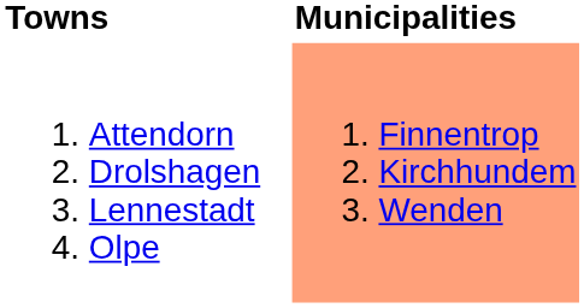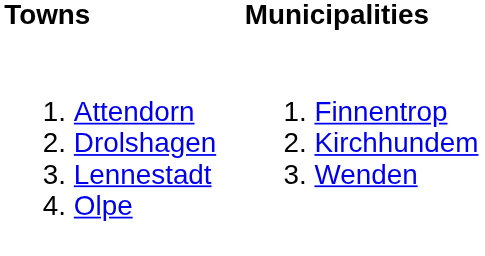 <table>
 <tr>
 <th align=left width=50%>Towns</th>
 <th align=left width=50%>Municipalities</th>
 </tr>
 <tr valign=top>
 <td><br><ol><li><a href='#'>Attendorn</a></li><li><a href='#'>Drolshagen</a></li><li><a href='#'>Lennestadt</a></li><li><a href='#'>Olpe</a></li></ol></td>
-<td style="background: lightsalmon;"><br><ol><li><a href='#'>Finnentrop</a></li><li><a href='#'>Kirchhundem</a></li><li><a href='#'>Wenden</a></li></ol></td>
+<td><br><ol><li><a href='#'>Finnentrop</a></li><li><a href='#'>Kirchhundem</a></li><li><a href='#'>Wenden</a></li></ol></td>
 </tr>
 </table>
